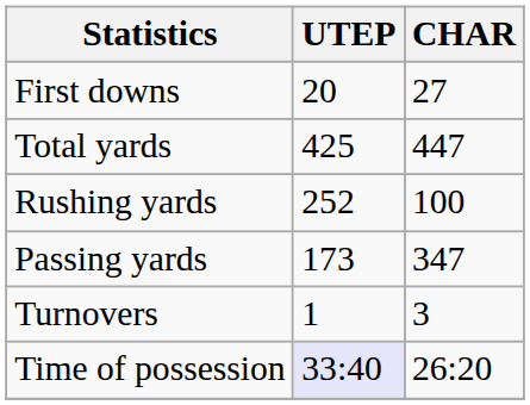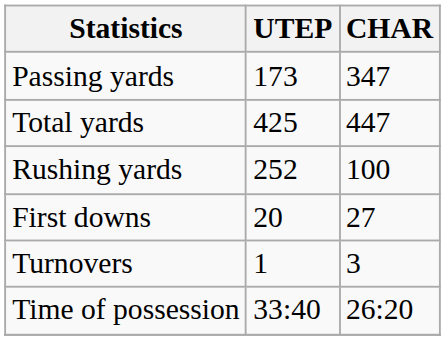 <table class="wikitable" style="float: right;">
 <tr>
 <th>Statistics</th>
 <th>UTEP</th>
 <th>CHAR</th>
 </tr>
 <tr>
-<td>First downs</td>
-<td>20</td>
-<td>27</td>
+<td>Passing yards</td>
+<td>173</td>
+<td>347</td>
 </tr>
 <tr>
 <td>Total yards</td>
 <td>425</td>
 <td>447</td>
 </tr>
 <tr>
 <td>Rushing yards</td>
 <td>252</td>
 <td>100</td>
 </tr>
 <tr>
-<td>Passing yards</td>
-<td>173</td>
-<td>347</td>
+<td>First downs</td>
+<td>20</td>
+<td>27</td>
 </tr>
 <tr>
 <td>Turnovers</td>
 <td>1</td>
 <td>3</td>
 </tr>
 <tr>
 <td>Time of possession</td>
-<td style="background: lavender;">33:40</td>
+<td>33:40</td>
 <td>26:20</td>
 </tr>
 <tr>
 </tr>
 </table>
